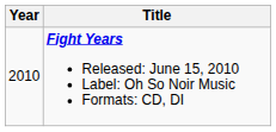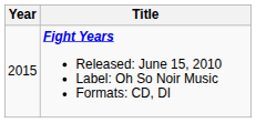 <table class="wikitable">
 <tr>
 <th>Year</th>
 <th width="250">Title</th>
 </tr>
 <tr>
-<td>2010</td>
+<td>2015</td>
 <td><strong><em><a href='#'>Fight Years</a></em></strong><br><ul><li>Released: June 15, 2010</li><li>Label: Oh So Noir Music</li><li>Formats: CD, DI</li></ul></td>
 </tr>
 </table>
